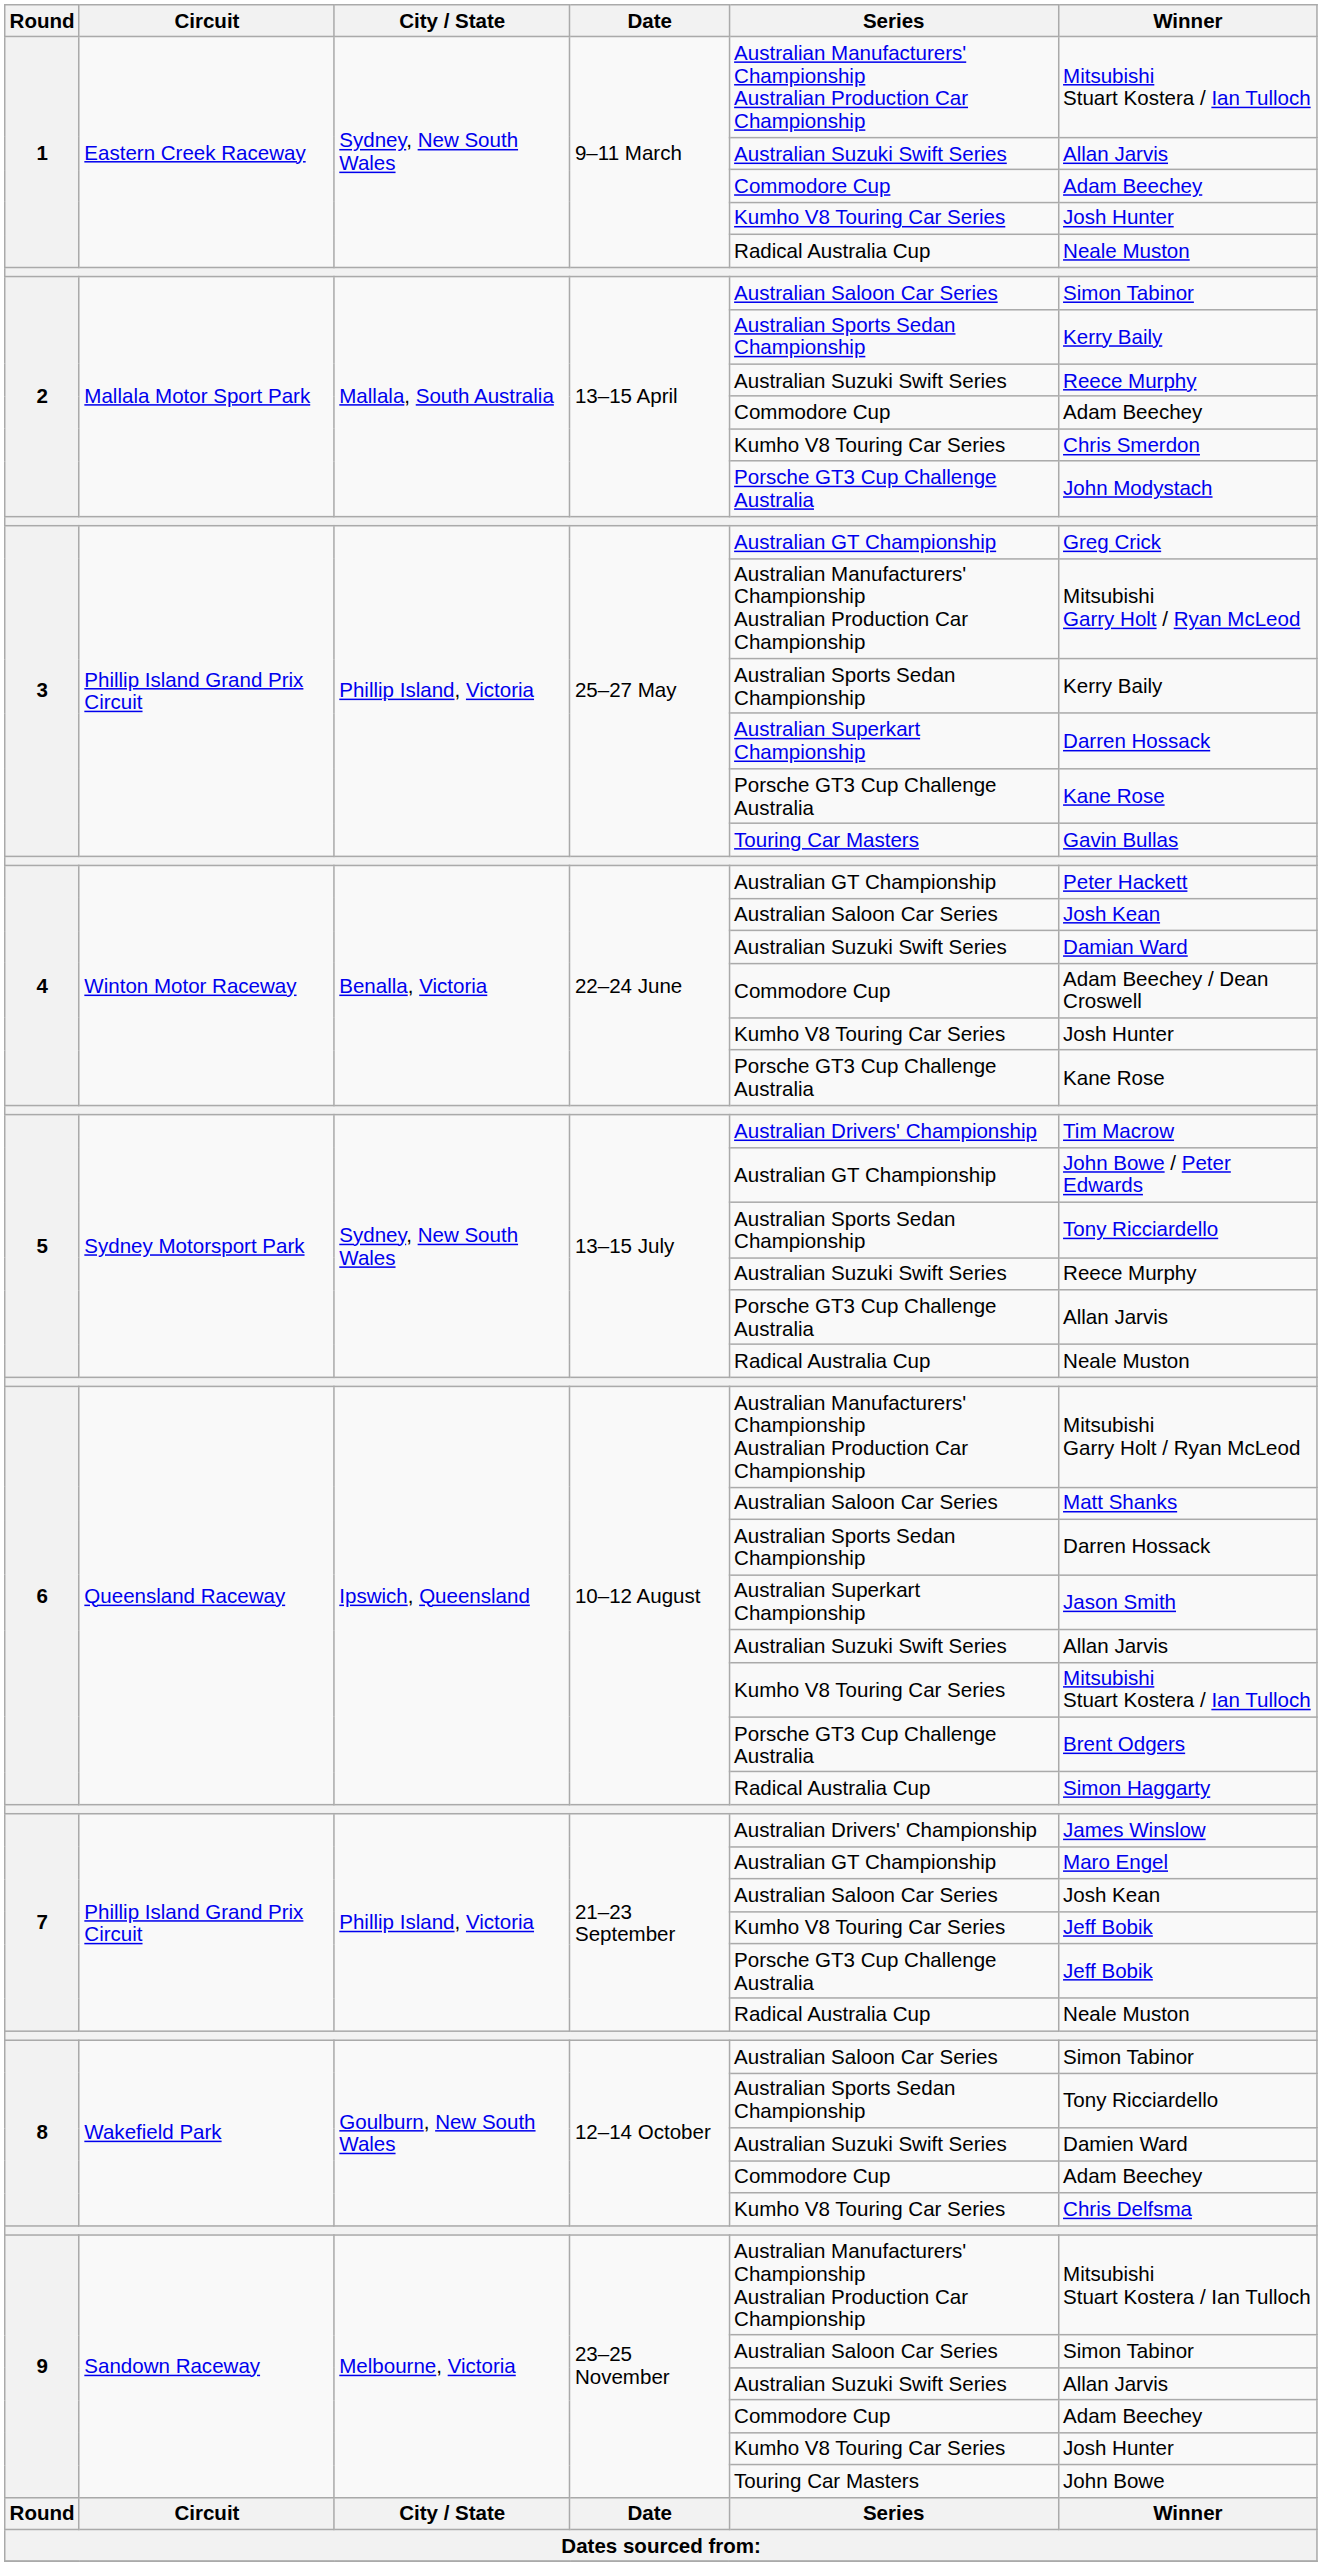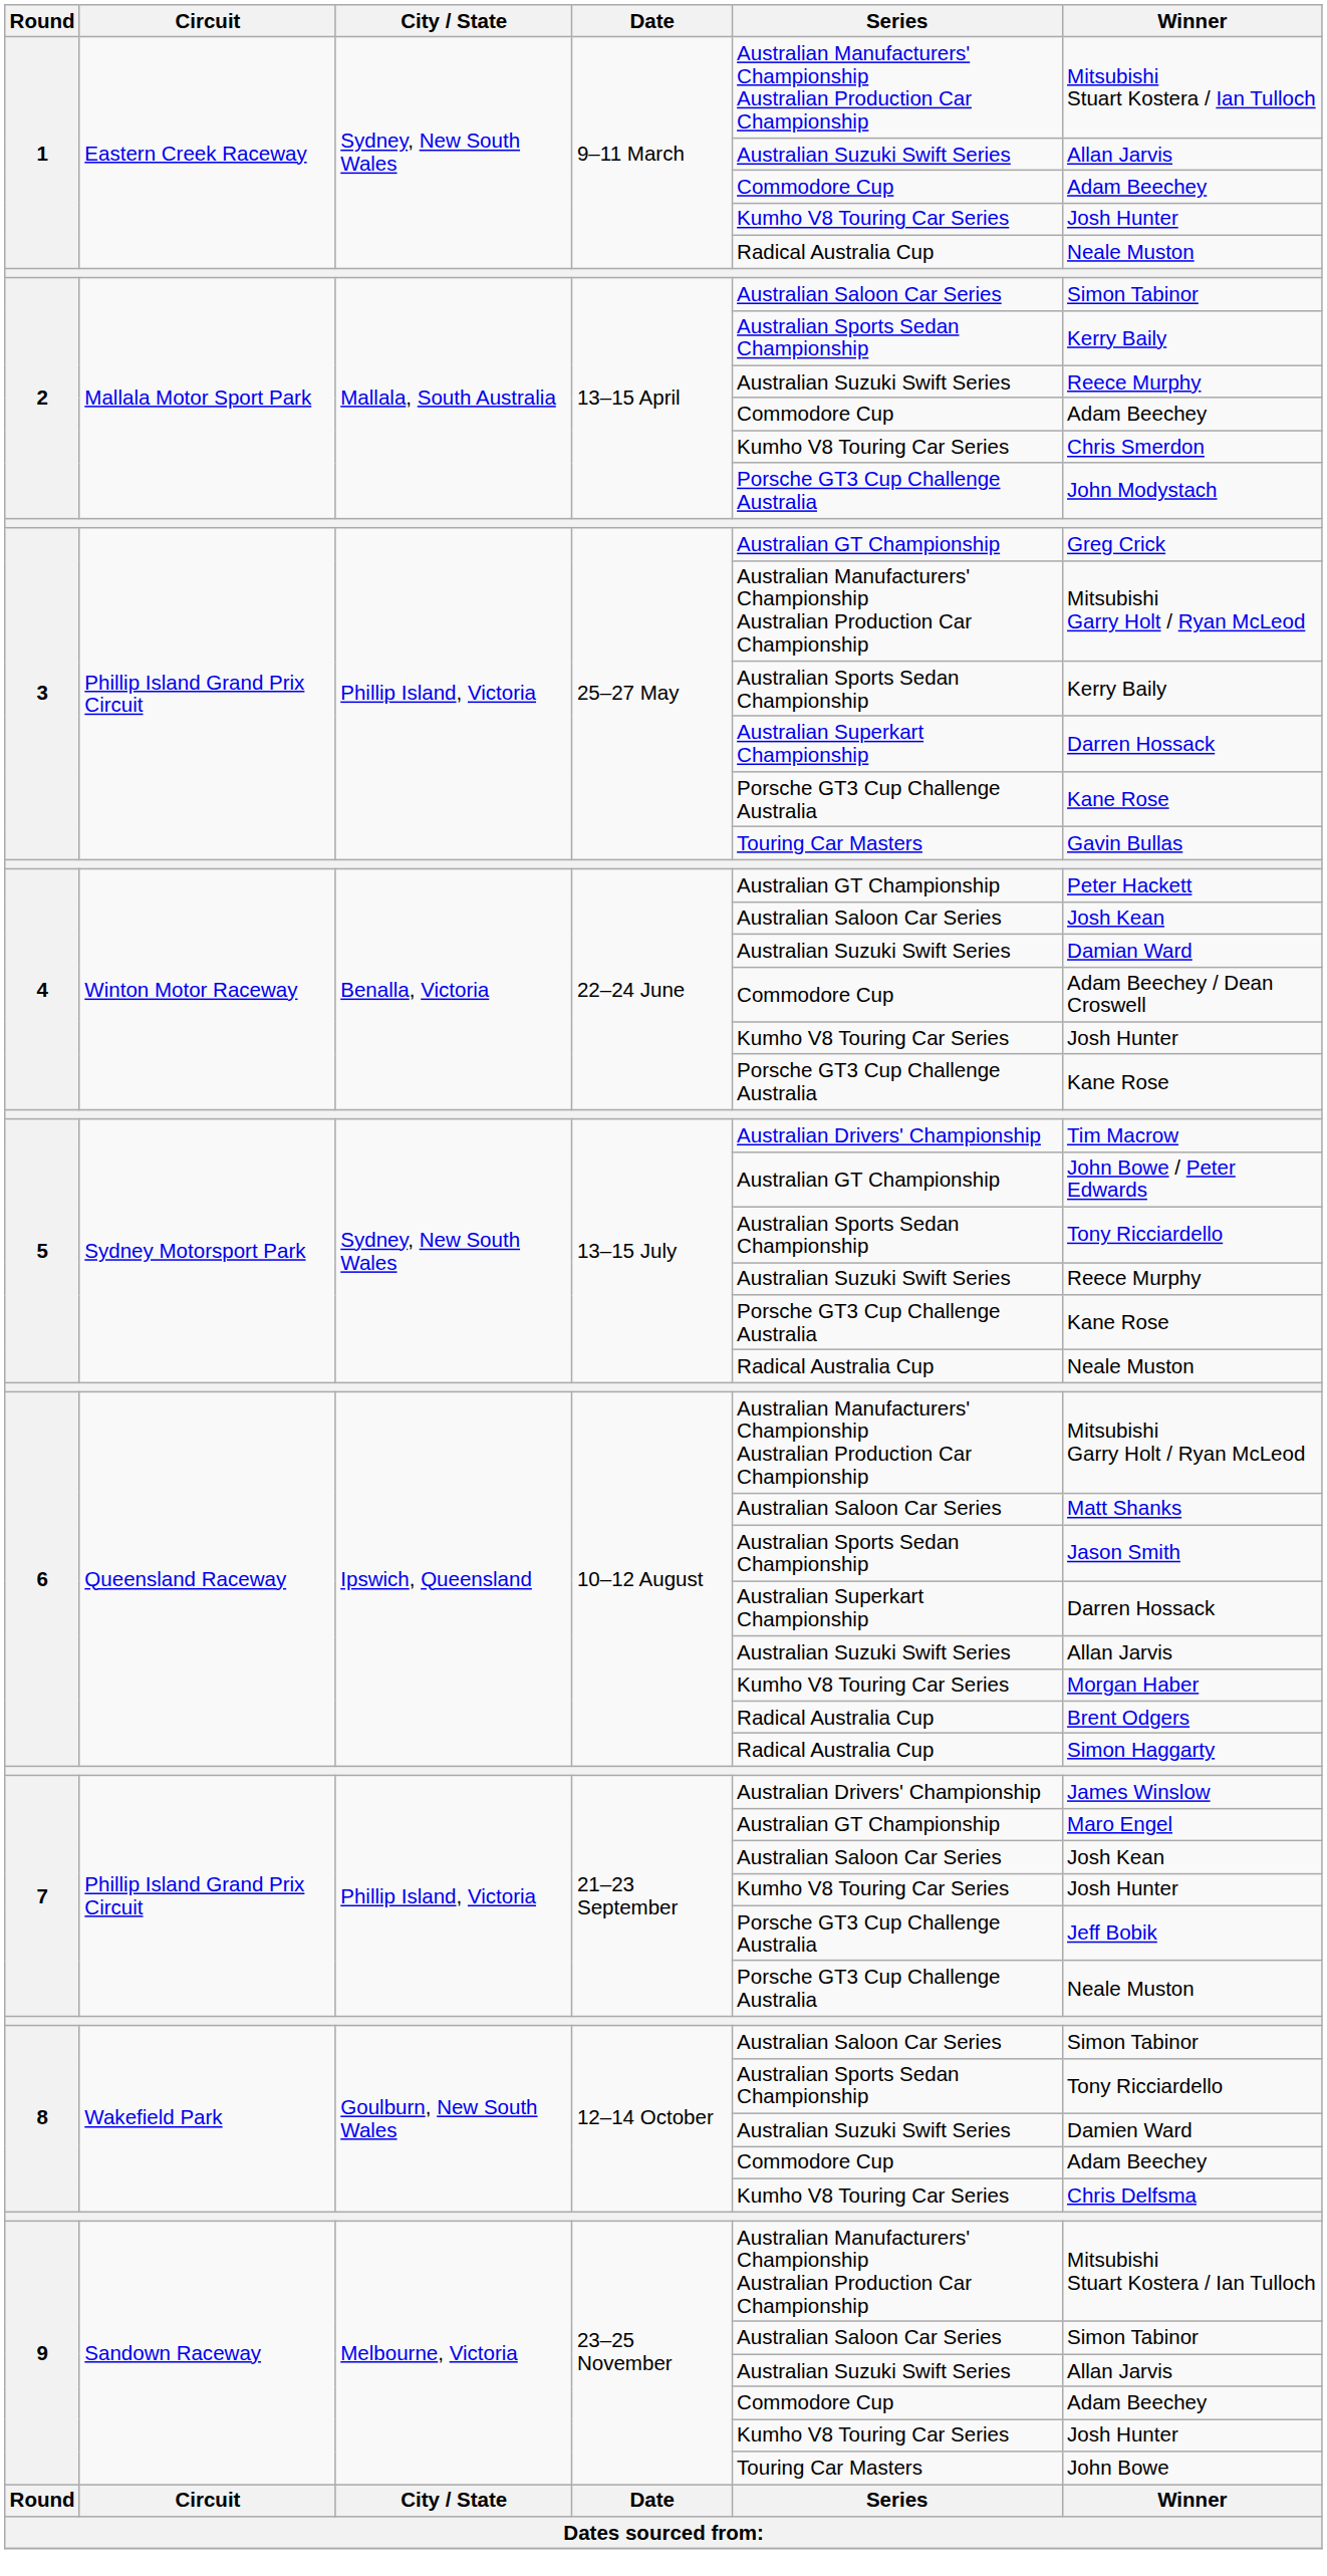 <table class="wikitable" style="font-size: 85%">
 <tr>
 <th>Round</th>
 <th>Circuit</th>
 <th>City / State</th>
 <th>Date</th>
 <th>Series</th>
 <th>Winner</th>
 </tr>
 <tr>
 <th rowspan="5">1</th>
 <td rowspan="5"> <a href='#'>Eastern Creek Raceway</a></td>
 <td rowspan="5"><a href='#'>Sydney</a>, <a href='#'>New South Wales</a></td>
 <td rowspan="5">9–11 March</td>
 <td><a href='#'>Australian Manufacturers' Championship</a><br><a href='#'>Australian Production Car Championship</a></td>
 <td><a href='#'>Mitsubishi</a><br>Stuart Kostera / <a href='#'>Ian Tulloch</a></td>
 </tr>
 <tr>
 <td><a href='#'>Australian Suzuki Swift Series</a></td>
 <td><a href='#'>Allan Jarvis</a></td>
 </tr>
 <tr>
 <td><a href='#'>Commodore Cup</a></td>
 <td><a href='#'>Adam Beechey</a></td>
 </tr>
 <tr>
 <td><a href='#'>Kumho V8 Touring Car Series</a></td>
 <td><a href='#'>Josh Hunter</a></td>
 </tr>
 <tr>
 <td>Radical Australia Cup</td>
 <td><a href='#'>Neale Muston</a></td>
 </tr>
 <tr>
 <th colspan="6"></th>
 </tr>
 <tr>
 <th rowspan="6">2</th>
 <td rowspan="6"> <a href='#'>Mallala Motor Sport Park</a></td>
 <td rowspan="6"><a href='#'>Mallala</a>, <a href='#'>South Australia</a></td>
 <td rowspan="6">13–15 April</td>
 <td><a href='#'>Australian Saloon Car Series</a></td>
 <td><a href='#'>Simon Tabinor</a></td>
 </tr>
 <tr>
 <td><a href='#'>Australian Sports Sedan Championship</a></td>
 <td><a href='#'>Kerry Baily</a></td>
 </tr>
 <tr>
 <td>Australian Suzuki Swift Series</td>
 <td><a href='#'>Reece Murphy</a></td>
 </tr>
 <tr>
 <td>Commodore Cup</td>
 <td>Adam Beechey</td>
 </tr>
 <tr>
 <td>Kumho V8 Touring Car Series</td>
 <td><a href='#'>Chris Smerdon</a></td>
 </tr>
 <tr>
 <td><a href='#'>Porsche GT3 Cup Challenge Australia</a></td>
 <td><a href='#'>John Modystach</a></td>
 </tr>
 <tr>
 <th colspan="6"></th>
 </tr>
 <tr>
 <th rowspan="6">3</th>
 <td rowspan="6"> <a href='#'>Phillip Island Grand Prix Circuit</a></td>
 <td rowspan="6"><a href='#'>Phillip Island</a>, <a href='#'>Victoria</a></td>
 <td rowspan="6">25–27 May</td>
 <td><a href='#'>Australian GT Championship</a></td>
 <td><a href='#'>Greg Crick</a></td>
 </tr>
 <tr>
 <td>Australian Manufacturers' Championship<br>Australian Production Car Championship</td>
 <td>Mitsubishi<br><a href='#'>Garry Holt</a> / <a href='#'>Ryan McLeod</a></td>
 </tr>
 <tr>
 <td>Australian Sports Sedan Championship</td>
 <td>Kerry Baily</td>
 </tr>
 <tr>
 <td><a href='#'>Australian Superkart Championship</a></td>
 <td><a href='#'>Darren Hossack</a></td>
 </tr>
 <tr>
 <td>Porsche GT3 Cup Challenge Australia</td>
 <td><a href='#'>Kane Rose</a></td>
 </tr>
 <tr>
 <td><a href='#'>Touring Car Masters</a></td>
 <td><a href='#'>Gavin Bullas</a></td>
 </tr>
 <tr>
 <th colspan="6"></th>
 </tr>
 <tr>
 <th rowspan="6">4</th>
 <td rowspan="6"> <a href='#'>Winton Motor Raceway</a></td>
 <td rowspan="6"><a href='#'>Benalla</a>, <a href='#'>Victoria</a></td>
 <td rowspan="6">22–24 June</td>
 <td>Australian GT Championship</td>
 <td><a href='#'>Peter Hackett</a></td>
 </tr>
 <tr>
 <td>Australian Saloon Car Series</td>
 <td><a href='#'>Josh Kean</a></td>
 </tr>
 <tr>
 <td>Australian Suzuki Swift Series</td>
 <td><a href='#'>Damian Ward</a></td>
 </tr>
 <tr>
 <td>Commodore Cup</td>
 <td>Adam Beechey / Dean Croswell</td>
 </tr>
 <tr>
 <td>Kumho V8 Touring Car Series</td>
 <td>Josh Hunter</td>
 </tr>
 <tr>
 <td>Porsche GT3 Cup Challenge Australia</td>
 <td>Kane Rose</td>
 </tr>
 <tr>
 <th colspan="6"></th>
 </tr>
 <tr>
 <th rowspan="6">5</th>
 <td rowspan="6"> <a href='#'>Sydney Motorsport Park</a></td>
 <td rowspan="6"><a href='#'>Sydney</a>, <a href='#'>New South Wales</a></td>
 <td rowspan="6">13–15 July</td>
 <td><a href='#'>Australian Drivers' Championship</a></td>
 <td><a href='#'>Tim Macrow</a></td>
 </tr>
 <tr>
 <td>Australian GT Championship</td>
 <td><a href='#'>John Bowe</a> / <a href='#'>Peter Edwards</a></td>
 </tr>
 <tr>
 <td>Australian Sports Sedan Championship</td>
 <td><a href='#'>Tony Ricciardello</a></td>
 </tr>
 <tr>
 <td>Australian Suzuki Swift Series</td>
 <td>Reece Murphy</td>
 </tr>
 <tr>
 <td>Porsche GT3 Cup Challenge Australia</td>
-<td>Allan Jarvis</td>
+<td>Kane Rose</td>
 </tr>
 <tr>
 <td>Radical Australia Cup</td>
 <td>Neale Muston</td>
 </tr>
 <tr>
 <th colspan="6"></th>
 </tr>
 <tr>
 <th rowspan="8">6</th>
 <td rowspan="8"> <a href='#'>Queensland Raceway</a></td>
 <td rowspan="8"><a href='#'>Ipswich</a>, <a href='#'>Queensland</a></td>
 <td rowspan="8">10–12 August</td>
 <td>Australian Manufacturers' Championship<br>Australian Production Car Championship</td>
 <td>Mitsubishi<br>Garry Holt / Ryan McLeod</td>
 </tr>
 <tr>
 <td>Australian Saloon Car Series</td>
 <td><a href='#'>Matt Shanks</a></td>
 </tr>
 <tr>
 <td>Australian Sports Sedan Championship</td>
-<td>Darren Hossack</td>
+<td><a href='#'>Jason Smith</a></td>
 </tr>
 <tr>
 <td>Australian Superkart Championship</td>
-<td><a href='#'>Jason Smith</a></td>
+<td>Darren Hossack</td>
 </tr>
 <tr>
 <td>Australian Suzuki Swift Series</td>
 <td>Allan Jarvis</td>
 </tr>
 <tr>
 <td>Kumho V8 Touring Car Series</td>
-<td><a href='#'>Mitsubishi</a><br>Stuart Kostera / <a href='#'>Ian Tulloch</a></td>
+<td><a href='#'>Morgan Haber</a></td>
 </tr>
 <tr>
-<td>Porsche GT3 Cup Challenge Australia</td>
+<td>Radical Australia Cup</td>
 <td><a href='#'>Brent Odgers</a></td>
 </tr>
 <tr>
 <td>Radical Australia Cup</td>
 <td><a href='#'>Simon Haggarty</a></td>
 </tr>
 <tr>
 <th colspan="6"></th>
 </tr>
 <tr>
 <th rowspan="6">7</th>
 <td rowspan="6"> <a href='#'>Phillip Island Grand Prix Circuit</a></td>
 <td rowspan="6"><a href='#'>Phillip Island</a>, <a href='#'>Victoria</a></td>
 <td rowspan="6">21–23 September</td>
 <td>Australian Drivers' Championship</td>
 <td><a href='#'>James Winslow</a></td>
 </tr>
 <tr>
 <td>Australian GT Championship</td>
 <td><a href='#'>Maro Engel</a></td>
 </tr>
 <tr>
 <td>Australian Saloon Car Series</td>
 <td>Josh Kean</td>
 </tr>
 <tr>
 <td>Kumho V8 Touring Car Series</td>
-<td><a href='#'>Jeff Bobik</a></td>
+<td>Josh Hunter</td>
 </tr>
 <tr>
 <td>Porsche GT3 Cup Challenge Australia</td>
 <td><a href='#'>Jeff Bobik</a></td>
 </tr>
 <tr>
-<td>Radical Australia Cup</td>
+<td>Porsche GT3 Cup Challenge Australia</td>
 <td>Neale Muston</td>
 </tr>
 <tr>
 <th colspan="6"></th>
 </tr>
 <tr>
 <th rowspan="5">8</th>
 <td rowspan="5"> <a href='#'>Wakefield Park</a></td>
 <td rowspan="5"><a href='#'>Goulburn</a>, <a href='#'>New South Wales</a></td>
 <td rowspan="5">12–14 October</td>
 <td>Australian Saloon Car Series</td>
 <td>Simon Tabinor</td>
 </tr>
 <tr>
 <td>Australian Sports Sedan Championship</td>
 <td>Tony Ricciardello</td>
 </tr>
 <tr>
 <td>Australian Suzuki Swift Series</td>
 <td>Damien Ward</td>
 </tr>
 <tr>
 <td>Commodore Cup</td>
 <td>Adam Beechey</td>
 </tr>
 <tr>
 <td>Kumho V8 Touring Car Series</td>
 <td><a href='#'>Chris Delfsma</a></td>
 </tr>
 <tr>
 <th colspan="6"></th>
 </tr>
 <tr>
 <th rowspan="6">9</th>
 <td rowspan="6"> <a href='#'>Sandown Raceway</a></td>
 <td rowspan="6"><a href='#'>Melbourne</a>, <a href='#'>Victoria</a></td>
 <td rowspan="6">23–25 November</td>
 <td>Australian Manufacturers' Championship<br>Australian Production Car Championship</td>
 <td>Mitsubishi<br>Stuart Kostera / Ian Tulloch</td>
 </tr>
 <tr>
 <td>Australian Saloon Car Series</td>
 <td>Simon Tabinor</td>
 </tr>
 <tr>
 <td>Australian Suzuki Swift Series</td>
 <td>Allan Jarvis</td>
 </tr>
 <tr>
 <td>Commodore Cup</td>
 <td>Adam Beechey</td>
 </tr>
 <tr>
 <td>Kumho V8 Touring Car Series</td>
 <td>Josh Hunter</td>
 </tr>
 <tr>
 <td>Touring Car Masters</td>
 <td>John Bowe</td>
 </tr>
 <tr>
 <th>Round</th>
 <th>Circuit</th>
 <th>City / State</th>
 <th>Date</th>
 <th>Series</th>
 <th>Winner</th>
 </tr>
 <tr>
 <th colspan=6>Dates sourced from:</th>
 </tr>
 <tr>
 </tr>
 </table>
